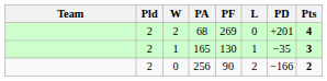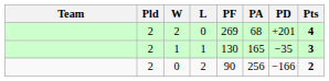 <table class=wikitable style="text-align:center">
 <tr>
 <th width=180>Team</th>
 <th width=30>Pld</th>
 <th width=30>W</th>
+<th width=30>L</th>
+<th width=30>PF</th>
 <th width=30>PA</th>
-<th width=30>PF</th>
-<th width=30>L</th>
 <th width=30>PD</th>
 <th width=30>Pts</th>
 </tr>
 <tr bgcolor="#ccffcc">
 <td align="left"></td>
 <td>2</td>
 <td>2</td>
+<td>0</td>
+<td>269</td>
 <td>68</td>
-<td>269</td>
-<td>0</td>
 <td>+201</td>
 <td><strong>4</strong></td>
 </tr>
 <tr bgcolor="#ccffcc">
 <td align="left"></td>
 <td>2</td>
 <td>1</td>
+<td>1</td>
+<td>130</td>
 <td>165</td>
-<td>130</td>
-<td>1</td>
 <td>−35</td>
 <td><strong>3</strong></td>
 </tr>
 <tr>
 <td align="left"></td>
 <td>2</td>
 <td>0</td>
+<td>2</td>
+<td>90</td>
 <td>256</td>
-<td>90</td>
-<td>2</td>
 <td>−166</td>
 <td><strong>2</strong></td>
 </tr>
 </table>
